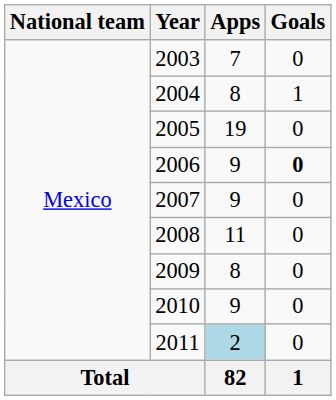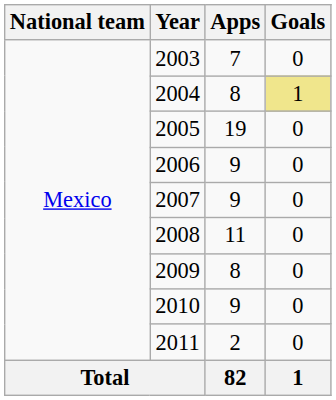 <table class="wikitable" style="text-align: center;">
 <tr>
 <th>National team</th>
 <th>Year</th>
 <th>Apps</th>
 <th>Goals</th>
 </tr>
 <tr>
 <td rowspan="9"><a href='#'>Mexico</a></td>
 <td>2003</td>
 <td>7</td>
 <td>0</td>
 </tr>
 <tr>
 <td>2004</td>
 <td>8</td>
-<td>1</td>
+<td style="background: khaki;">1</td>
 </tr>
 <tr>
 <td>2005</td>
 <td>19</td>
 <td>0</td>
 </tr>
 <tr>
 <td>2006</td>
 <td>9</td>
-<td><strong>0</strong></td>
+<td>0</td>
 </tr>
 <tr>
 <td>2007</td>
 <td>9</td>
 <td>0</td>
 </tr>
 <tr>
 <td>2008</td>
 <td>11</td>
 <td>0</td>
 </tr>
 <tr>
 <td>2009</td>
 <td>8</td>
 <td>0</td>
 </tr>
 <tr>
 <td>2010</td>
 <td>9</td>
 <td>0</td>
 </tr>
 <tr>
 <td>2011</td>
-<td style="background: lightblue;">2</td>
+<td>2</td>
 <td>0</td>
 </tr>
 <tr>
 <th colspan="2">Total</th>
 <th>82</th>
 <th>1</th>
 </tr>
 </table>
